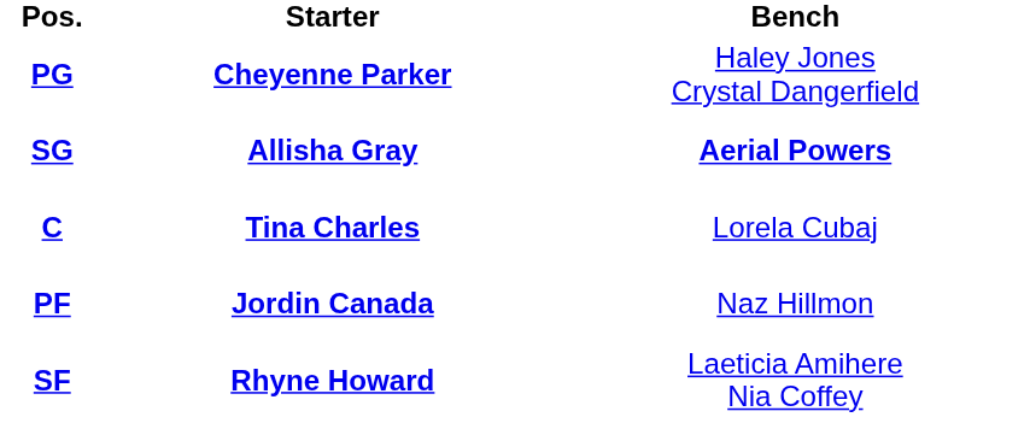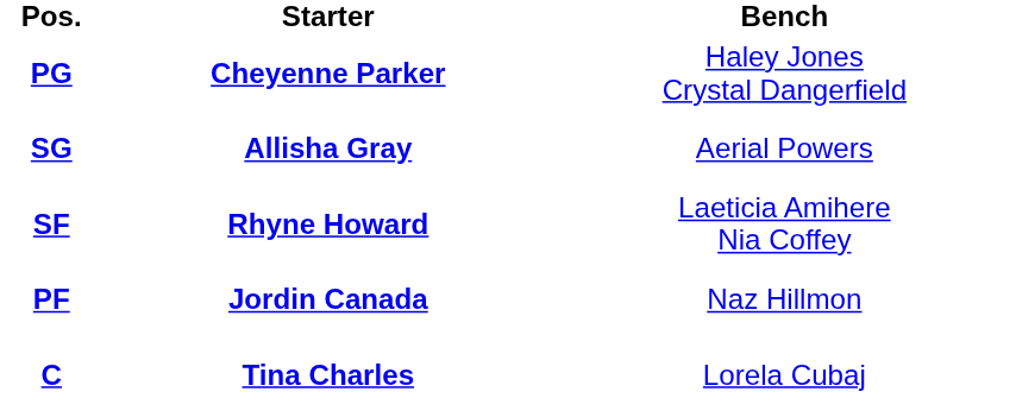 <table style="text-align:center; ">
 <tr>
 <th width="50">Pos.</th>
 <th width="250">Starter</th>
 <th width="250">Bench</th>
 </tr>
 <tr style="height:40px; background:white; color:#092C57">
 <th><a href='#'><span>PG</span></a></th>
 <td><strong><a href='#'>Cheyenne Parker</a> </strong></td>
 <td><a href='#'>Haley Jones</a><br><a href='#'>Crystal Dangerfield</a></td>
 </tr>
 <tr style="height:40px; background:white; color:#092C57">
 <th><a href='#'><span>SG</span></a></th>
 <td><strong><a href='#'>Allisha Gray</a></strong></td>
-<td><strong><a href='#'>Aerial Powers</a> </strong></td>
+<td><a href='#'>Aerial Powers</a> </td>
 </tr>
 <tr style="height:40px; background:white; color:#092C57">
-<th><a href='#'><span>C</span></a></th>
-<td><strong><a href='#'>Tina Charles</a></strong></td>
-<td><a href='#'>Lorela Cubaj</a></td>
+<th><a href='#'><span>SF</span></a></th>
+<td><strong><a href='#'>Rhyne Howard</a></strong></td>
+<td><a href='#'>Laeticia Amihere</a><br><a href='#'>Nia Coffey</a></td>
 </tr>
 <tr style="height:40px; background:white; color:#092C57">
 <th><a href='#'><span>PF</span></a></th>
 <td><strong><a href='#'>Jordin Canada</a></strong></td>
 <td><a href='#'>Naz Hillmon</a></td>
 </tr>
 <tr style="height:40px; background:white; color:#092C57">
-<th><a href='#'><span>SF</span></a></th>
-<td><strong><a href='#'>Rhyne Howard</a></strong></td>
-<td><a href='#'>Laeticia Amihere</a><br><a href='#'>Nia Coffey</a></td>
+<th><a href='#'><span>C</span></a></th>
+<td><strong><a href='#'>Tina Charles</a></strong></td>
+<td><a href='#'>Lorela Cubaj</a></td>
 </tr>
 </table>
